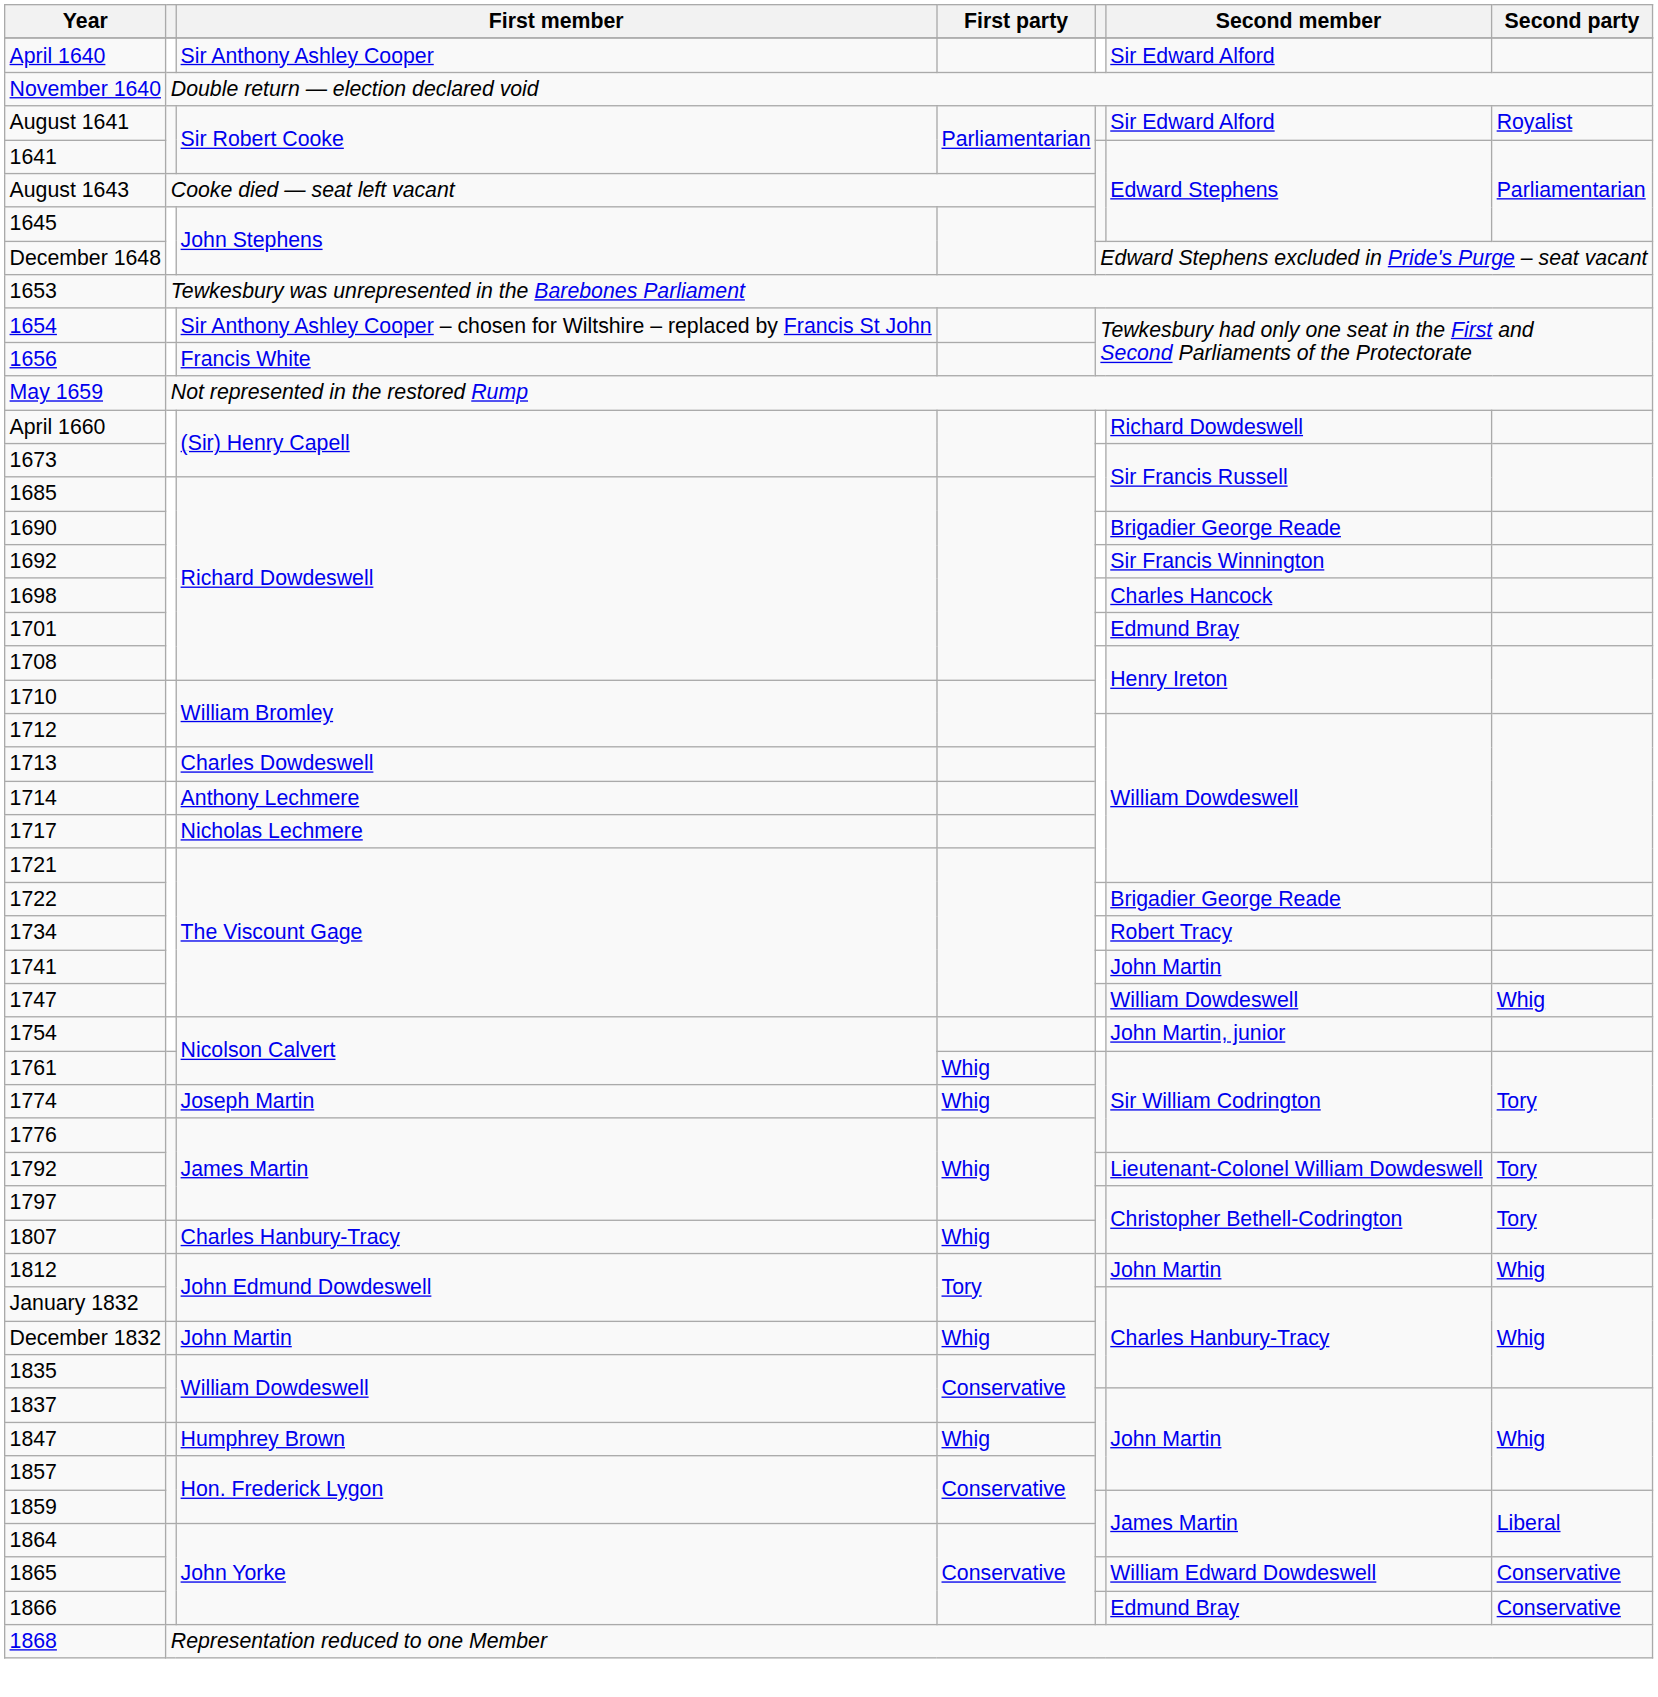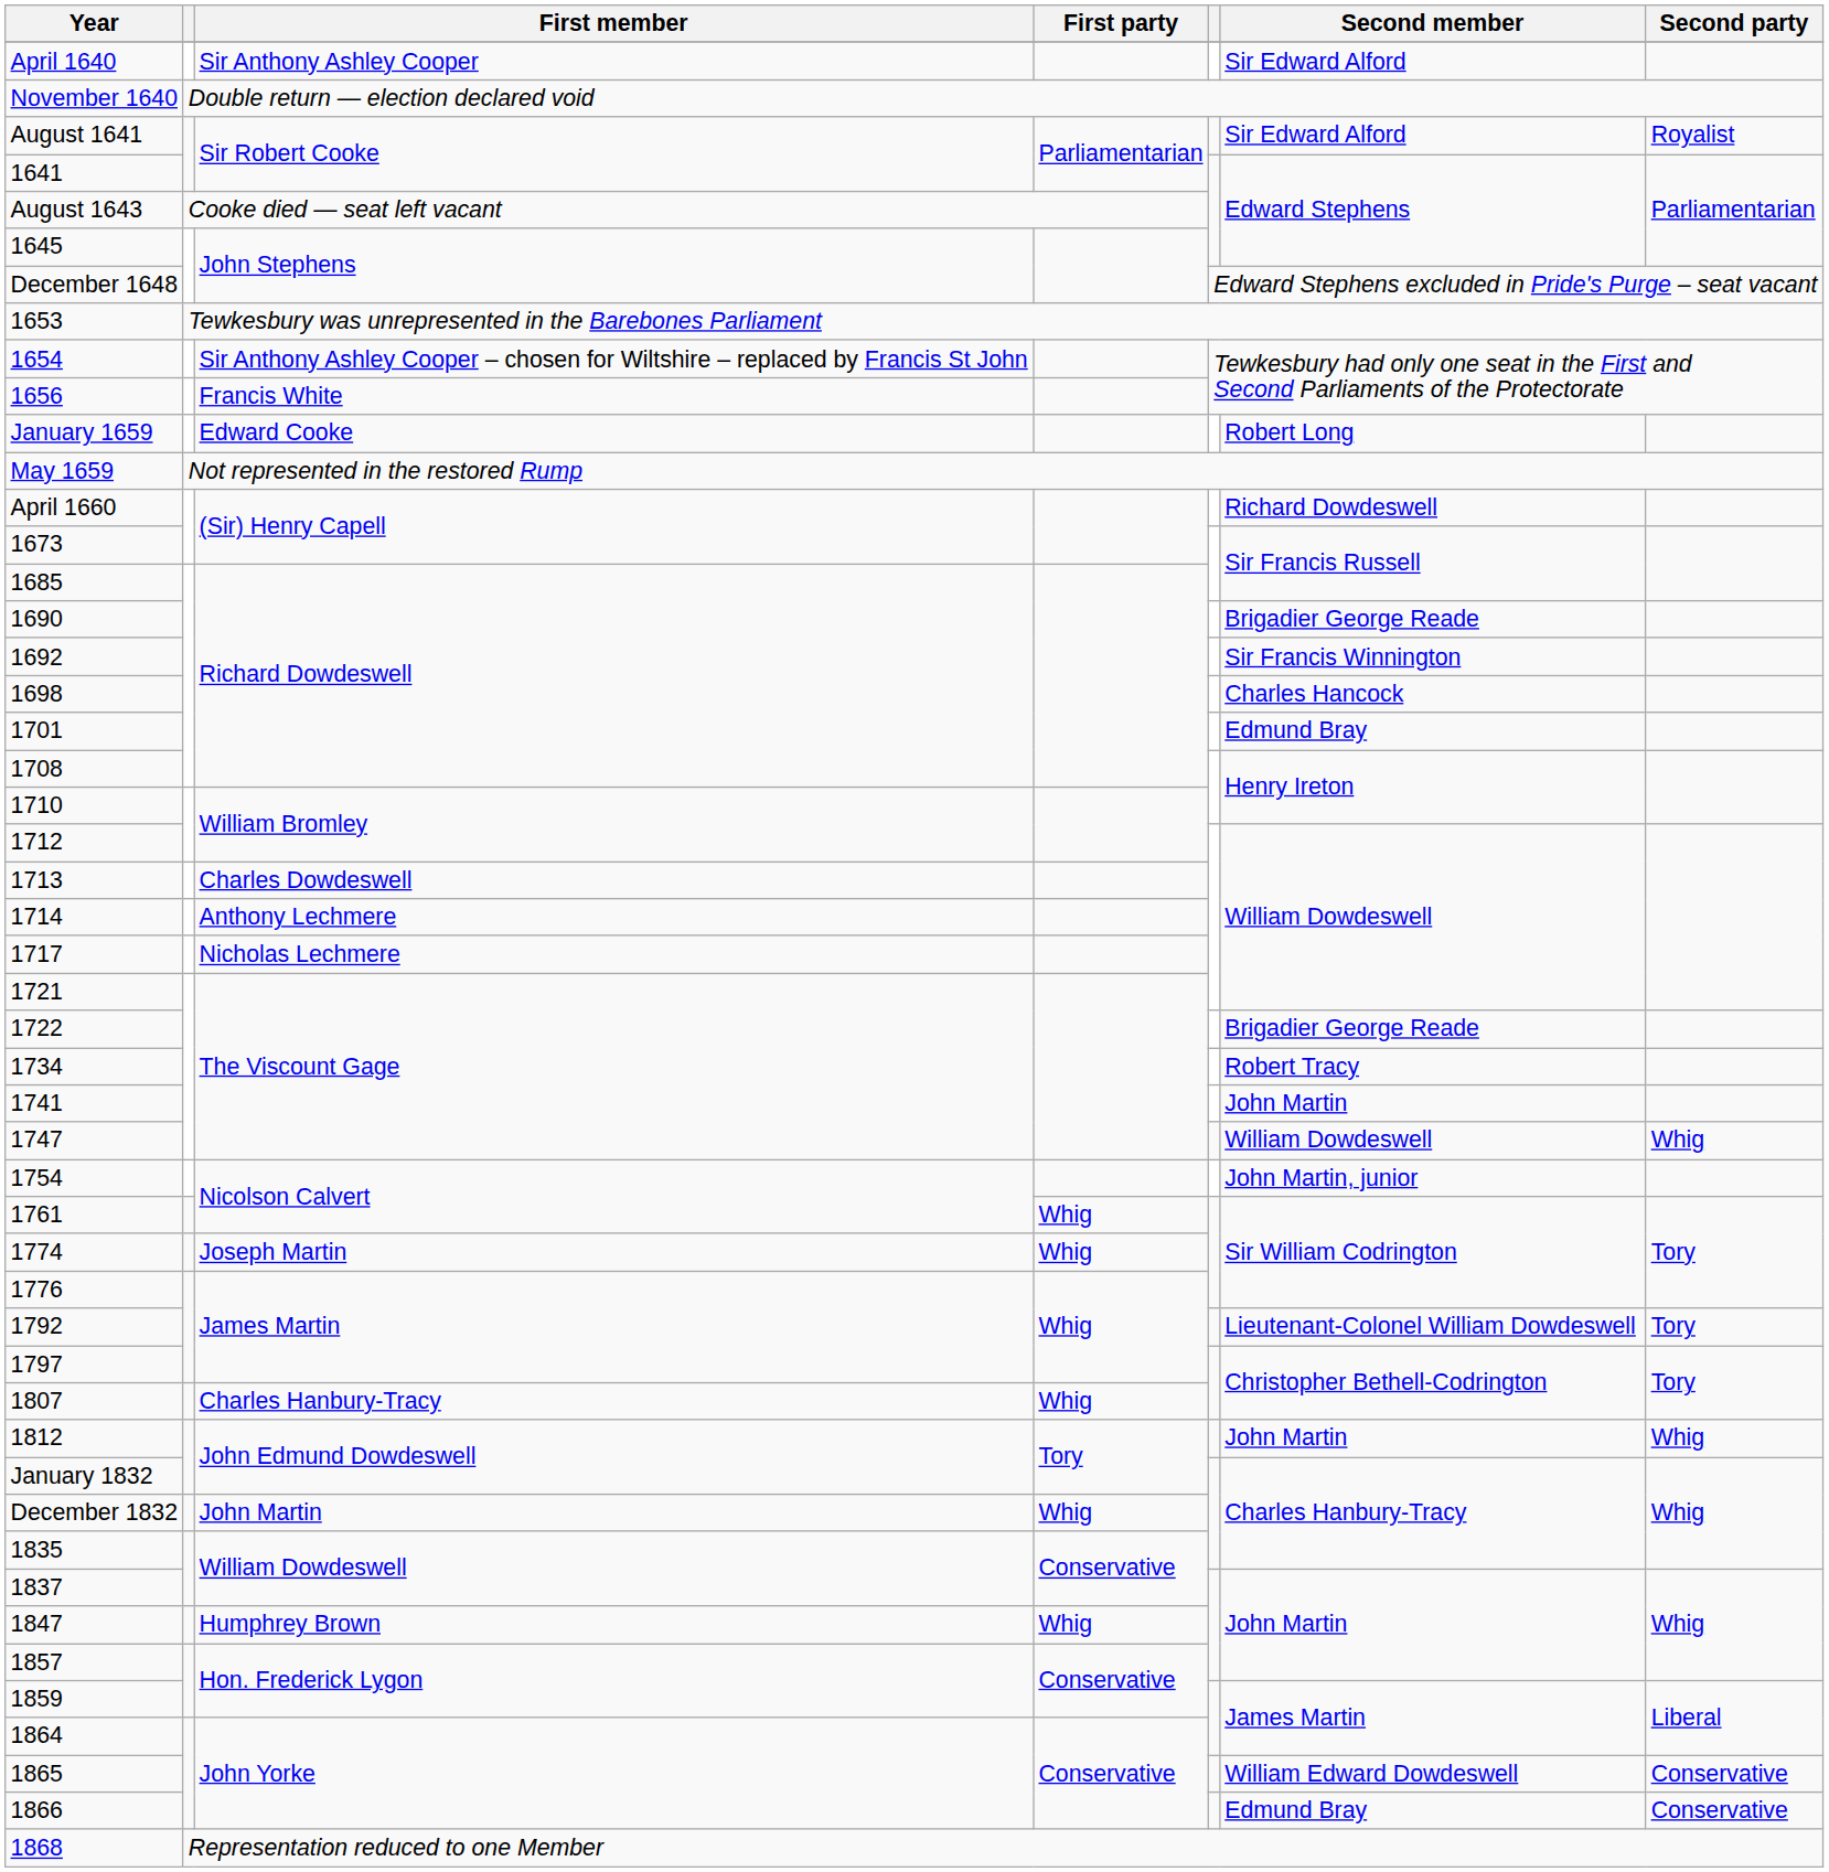 <table class="wikitable">
 <tr>
 <th>Year</th>
 <th></th>
 <th>First member</th>
 <th>First party</th>
 <th></th>
 <th>Second member</th>
 <th>Second party</th>
 </tr>
 <tr>
 </tr>
 <tr>
 <td><a href='#'>April 1640</a></td>
 <td style="color:inherit;background-color: white"></td>
 <td><a href='#'>Sir Anthony Ashley Cooper</a></td>
 <td></td>
 <td style="color:inherit;background-color: white"></td>
 <td><a href='#'>Sir Edward Alford</a></td>
 <td></td>
 </tr>
 <tr>
 <td><a href='#'>November 1640</a></td>
 <td colspan="6"><em>Double return — election declared void</em></td>
 </tr>
 <tr>
 <td>August 1641</td>
 <td rowspan="2" style="color:inherit;background-color: "></td>
 <td rowspan="2"><a href='#'>Sir Robert Cooke</a></td>
 <td rowspan="2"><a href='#'>Parliamentarian</a></td>
 <td style="color:inherit;background-color: "></td>
 <td><a href='#'>Sir Edward Alford</a></td>
 <td><a href='#'>Royalist</a></td>
 </tr>
 <tr>
 <td>1641</td>
 <td rowspan="3" style="color:inherit;background-color: "></td>
 <td rowspan="3"><a href='#'>Edward Stephens</a></td>
 <td rowspan="3"><a href='#'>Parliamentarian</a></td>
 </tr>
 <tr>
 <td>August 1643</td>
 <td colspan="3"><em>Cooke died — seat left vacant</em></td>
 </tr>
 <tr>
 <td>1645</td>
 <td rowspan="2" style="color:inherit;background-color: white"></td>
 <td rowspan="2"><a href='#'>John Stephens</a></td>
 <td rowspan="2"></td>
 </tr>
 <tr>
 <td>December 1648</td>
 <td colspan="3"><em>Edward Stephens excluded in <a href='#'>Pride's Purge</a> – seat vacant</em></td>
 </tr>
 <tr>
 <td>1653</td>
 <td colspan="6"><em>Tewkesbury was unrepresented in the <a href='#'>Barebones Parliament</a></em></td>
 </tr>
 <tr>
 <td><a href='#'>1654</a></td>
 <td style="color:inherit;background-color: white"></td>
 <td><a href='#'>Sir Anthony Ashley Cooper</a> – chosen for Wiltshire – replaced by <a href='#'>Francis St John</a></td>
 <td></td>
 <td rowspan="2" colspan="3"><em>Tewkesbury had only one seat in the <a href='#'>First</a> and <br><a href='#'>Second</a> Parliaments of the Protectorate</em></td>
 </tr>
 <tr>
 <td><a href='#'>1656</a></td>
 <td style="color:inherit;background-color: white"></td>
 <td><a href='#'>Francis White</a></td>
+<td></td>
+</tr>
+<tr>
+<td><a href='#'>January 1659</a></td>
+<td style="color:inherit;background-color: white"></td>
+<td><a href='#'>Edward Cooke</a></td>
+<td></td>
+<td style="color:inherit;background-color: white"></td>
+<td><a href='#'>Robert Long</a></td>
 <td></td>
 </tr>
 <tr>
 <td><a href='#'>May 1659</a></td>
 <td colspan="6"><em>Not represented in the restored <a href='#'>Rump</a></em></td>
 </tr>
 <tr>
 <td>April 1660</td>
 <td rowspan="2" style="color:inherit;background-color: white"></td>
 <td rowspan="2"><a href='#'>(Sir) Henry Capell</a></td>
 <td rowspan="2"></td>
 <td style="color:inherit;background-color: white"></td>
 <td><a href='#'>Richard Dowdeswell</a></td>
 <td></td>
 </tr>
 <tr>
 <td>1673</td>
 <td rowspan="2" style="color:inherit;background-color: white"></td>
 <td rowspan="2"><a href='#'>Sir Francis Russell</a></td>
 <td rowspan="2"></td>
 </tr>
 <tr>
 <td>1685</td>
 <td rowspan="6" style="color:inherit;background-color: white"></td>
 <td rowspan="6"><a href='#'>Richard Dowdeswell</a></td>
 <td rowspan="6"></td>
 </tr>
 <tr>
 <td>1690</td>
 <td style="color:inherit;background-color: white"></td>
 <td><a href='#'>Brigadier George Reade</a></td>
 <td></td>
 </tr>
 <tr>
 <td>1692</td>
 <td style="color:inherit;background-color: white"></td>
 <td><a href='#'>Sir Francis Winnington</a></td>
 <td></td>
 </tr>
 <tr>
 <td>1698</td>
 <td style="color:inherit;background-color: white"></td>
 <td><a href='#'>Charles Hancock</a></td>
 <td></td>
 </tr>
 <tr>
 <td>1701</td>
 <td style="color:inherit;background-color: white"></td>
 <td><a href='#'>Edmund Bray</a></td>
 <td></td>
 </tr>
 <tr>
 <td>1708</td>
 <td rowspan="2" style="color:inherit;background-color: white"></td>
 <td rowspan="2"><a href='#'>Henry Ireton</a></td>
 <td rowspan="2"></td>
 </tr>
 <tr>
 <td>1710</td>
 <td rowspan="2" style="color:inherit;background-color: white"></td>
 <td rowspan="2"><a href='#'>William Bromley</a></td>
 <td rowspan="2"></td>
 </tr>
 <tr>
 <td>1712</td>
 <td rowspan="5" style="color:inherit;background-color: white"></td>
 <td rowspan="5"><a href='#'>William Dowdeswell</a></td>
 <td rowspan="5"></td>
 </tr>
 <tr>
 <td>1713</td>
 <td style="color:inherit;background-color: white"></td>
 <td><a href='#'>Charles Dowdeswell</a></td>
 <td></td>
 </tr>
 <tr>
 <td>1714</td>
 <td style="color:inherit;background-color: white"></td>
 <td><a href='#'>Anthony Lechmere</a></td>
 <td></td>
 </tr>
 <tr>
 <td>1717</td>
 <td style="color:inherit;background-color: white"></td>
 <td><a href='#'>Nicholas Lechmere</a></td>
 <td></td>
 </tr>
 <tr>
 <td>1721</td>
 <td rowspan="5" style="color:inherit;background-color: white"></td>
 <td rowspan="5"><a href='#'>The Viscount Gage</a></td>
 <td rowspan="5"></td>
 </tr>
 <tr>
 <td>1722</td>
 <td style="color:inherit;background-color: white"></td>
 <td><a href='#'>Brigadier George Reade</a></td>
 <td></td>
 </tr>
 <tr>
 <td>1734</td>
 <td style="color:inherit;background-color: white"></td>
 <td><a href='#'>Robert Tracy</a></td>
 <td></td>
 </tr>
 <tr>
 <td>1741</td>
 <td style="color:inherit;background-color: white"></td>
 <td><a href='#'>John Martin</a></td>
 <td></td>
 </tr>
 <tr>
 <td>1747</td>
 <td style="color:inherit;background-color: "></td>
 <td><a href='#'>William Dowdeswell</a></td>
 <td><a href='#'>Whig</a></td>
 </tr>
 <tr>
 <td>1754</td>
 <td style="color:inherit;background-color: white"></td>
 <td rowspan="2"><a href='#'>Nicolson Calvert</a></td>
 <td></td>
 <td style="color:inherit;background-color: white"></td>
 <td><a href='#'>John Martin, junior</a></td>
 <td></td>
 </tr>
 <tr>
 <td>1761</td>
 <td style="color:inherit;background-color: "></td>
 <td><a href='#'>Whig</a></td>
 <td rowspan="3" style="color:inherit;background-color: "></td>
 <td rowspan="3"><a href='#'>Sir William Codrington</a></td>
 <td rowspan="3"><a href='#'>Tory</a></td>
 </tr>
 <tr>
 <td>1774</td>
 <td style="color:inherit;background-color: "></td>
 <td><a href='#'>Joseph Martin</a></td>
 <td><a href='#'>Whig</a></td>
 </tr>
 <tr>
 <td>1776</td>
 <td rowspan="3" style="color:inherit;background-color: "></td>
 <td rowspan="3"><a href='#'>James Martin</a></td>
 <td rowspan="3"><a href='#'>Whig</a></td>
 </tr>
 <tr>
 <td>1792</td>
 <td style="color:inherit;background-color: "></td>
 <td><a href='#'>Lieutenant-Colonel William Dowdeswell</a></td>
 <td><a href='#'>Tory</a></td>
 </tr>
 <tr>
 <td>1797</td>
 <td rowspan="2" style="color:inherit;background-color: "></td>
 <td rowspan="2"><a href='#'>Christopher Bethell-Codrington</a></td>
 <td rowspan="2"><a href='#'>Tory</a></td>
 </tr>
 <tr>
 <td>1807</td>
 <td style="color:inherit;background-color: "></td>
 <td><a href='#'>Charles Hanbury-Tracy</a></td>
 <td><a href='#'>Whig</a></td>
 </tr>
 <tr>
 <td>1812</td>
 <td rowspan="2" style="color:inherit;background-color: "></td>
 <td rowspan="2"><a href='#'>John Edmund Dowdeswell</a></td>
 <td rowspan="2"><a href='#'>Tory</a></td>
 <td style="color:inherit;background-color: "></td>
 <td><a href='#'>John Martin</a></td>
 <td><a href='#'>Whig</a></td>
 </tr>
 <tr>
 <td>January 1832</td>
 <td rowspan="3" style="color:inherit;background-color: "></td>
 <td rowspan="3"><a href='#'>Charles Hanbury-Tracy</a></td>
 <td rowspan="3"><a href='#'>Whig</a></td>
 </tr>
 <tr>
 <td>December 1832</td>
 <td style="color:inherit;background-color: "></td>
 <td><a href='#'>John Martin</a></td>
 <td><a href='#'>Whig</a></td>
 </tr>
 <tr>
 <td>1835</td>
 <td rowspan="2" style="color:inherit;background-color: "></td>
 <td rowspan="2"><a href='#'>William Dowdeswell</a></td>
 <td rowspan="2"><a href='#'>Conservative</a></td>
 </tr>
 <tr>
 <td>1837</td>
 <td rowspan="3" style="color:inherit;background-color: "></td>
 <td rowspan="3"><a href='#'>John Martin</a></td>
 <td rowspan="3"><a href='#'>Whig</a></td>
 </tr>
 <tr>
 <td>1847</td>
 <td style="color:inherit;background-color: "></td>
 <td><a href='#'>Humphrey Brown</a></td>
 <td><a href='#'>Whig</a></td>
 </tr>
 <tr>
 <td>1857</td>
 <td rowspan="2" style="color:inherit;background-color: "></td>
 <td rowspan="2"><a href='#'>Hon. Frederick Lygon</a></td>
 <td rowspan="2"><a href='#'>Conservative</a></td>
 </tr>
 <tr>
 <td>1859</td>
 <td rowspan="2" style="color:inherit;background-color: "></td>
 <td rowspan="2"><a href='#'>James Martin</a></td>
 <td rowspan="2"><a href='#'>Liberal</a></td>
 </tr>
 <tr>
 <td>1864</td>
 <td rowspan="3" style="color:inherit;background-color: "></td>
 <td rowspan="3"><a href='#'>John Yorke</a></td>
 <td rowspan="3"><a href='#'>Conservative</a></td>
 </tr>
 <tr>
 <td>1865</td>
 <td style="color:inherit;background-color: "></td>
 <td><a href='#'>William Edward Dowdeswell</a></td>
 <td><a href='#'>Conservative</a></td>
 </tr>
 <tr>
 <td>1866</td>
 <td style="color:inherit;background-color: "></td>
 <td><a href='#'>Edmund Bray</a></td>
 <td><a href='#'>Conservative</a></td>
 </tr>
 <tr>
 <td><a href='#'>1868</a></td>
 <td colspan="6"><em>Representation reduced to one Member</em></td>
 </tr>
 </table>
